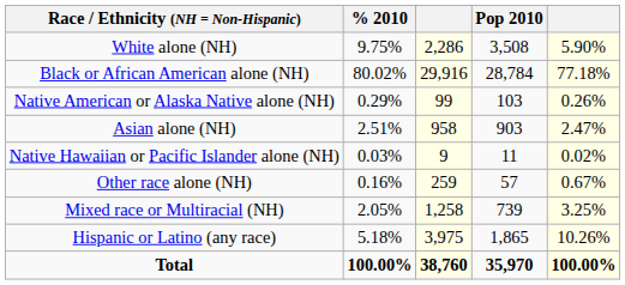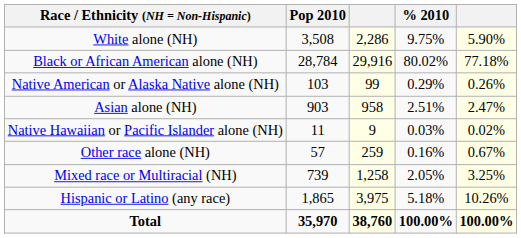 <table class="wikitable" style="text-align:center;">
 <tr>
 <th>Race / Ethnicity <small>(<em>NH = Non-Hispanic</em>)</small></th>
+<th>Pop 2010</th>
+<th></th>
 <th>% 2010</th>
-<th></th>
-<th>Pop 2010</th>
 <th></th>
 </tr>
 <tr>
 <td><a href='#'>White</a> alone (NH)</td>
+<td>3,508</td>
+<td style='background: #ffffe6;'>2,286</td>
 <td>9.75%</td>
-<td style='background: #ffffe6;'>2,286</td>
-<td>3,508</td>
 <td style='background: #ffffe6;'>5.90%</td>
 </tr>
 <tr>
 <td><a href='#'>Black or African American</a> alone (NH)</td>
+<td>28,784</td>
+<td style='background: #ffffe6;'>29,916</td>
 <td>80.02%</td>
-<td style='background: #ffffe6;'>29,916</td>
-<td>28,784</td>
 <td style='background: #ffffe6;'>77.18%</td>
 </tr>
 <tr>
 <td><a href='#'>Native American</a> or <a href='#'>Alaska Native</a> alone (NH)</td>
+<td>103</td>
+<td style='background: #ffffe6;'>99</td>
 <td>0.29%</td>
-<td style='background: #ffffe6;'>99</td>
-<td>103</td>
 <td style='background: #ffffe6;'>0.26%</td>
 </tr>
 <tr>
 <td><a href='#'>Asian</a> alone (NH)</td>
+<td>903</td>
+<td style='background: #ffffe6;'>958</td>
 <td>2.51%</td>
-<td style='background: #ffffe6;'>958</td>
-<td>903</td>
 <td style='background: #ffffe6;'>2.47%</td>
 </tr>
 <tr>
 <td><a href='#'>Native Hawaiian</a> or <a href='#'>Pacific Islander</a> alone (NH)</td>
+<td>11</td>
+<td style='background: #ffffe6;'>9</td>
 <td>0.03%</td>
-<td style='background: #ffffe6;'>9</td>
-<td>11</td>
 <td style='background: #ffffe6;'>0.02%</td>
 </tr>
 <tr>
 <td><a href='#'>Other race</a> alone (NH)</td>
+<td>57</td>
+<td style='background: #ffffe6;'>259</td>
 <td>0.16%</td>
-<td style='background: #ffffe6;'>259</td>
-<td>57</td>
 <td style='background: #ffffe6;'>0.67%</td>
 </tr>
 <tr>
 <td><a href='#'>Mixed race or Multiracial</a> (NH)</td>
+<td>739</td>
+<td style='background: #ffffe6;'>1,258</td>
 <td>2.05%</td>
-<td style='background: #ffffe6;'>1,258</td>
-<td>739</td>
 <td style='background: #ffffe6;'>3.25%</td>
 </tr>
 <tr>
 <td><a href='#'>Hispanic or Latino</a> (any race)</td>
+<td>1,865</td>
+<td style='background: #ffffe6;'>3,975</td>
 <td>5.18%</td>
-<td style='background: #ffffe6;'>3,975</td>
-<td>1,865</td>
 <td style='background: #ffffe6;'>10.26%</td>
 </tr>
 <tr>
 <td><strong>Total</strong></td>
+<td><strong>35,970</strong></td>
+<td style='background: #ffffe6;'><strong>38,760</strong></td>
 <td><strong>100.00%</strong></td>
-<td style='background: #ffffe6;'><strong>38,760</strong></td>
-<td><strong>35,970</strong></td>
 <td style='background: #ffffe6;'><strong>100.00%</strong></td>
 </tr>
 </table>
